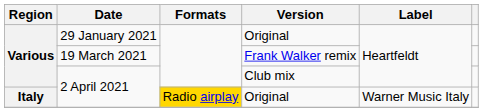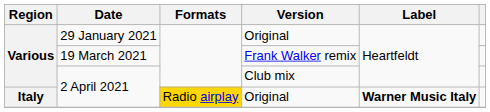 <table class="wikitable plainrowheaders">
 <tr>
 <th scope="col">Region</th>
 <th scope="col">Date</th>
 <th scope="col">Formats</th>
 <th scope="col">Version</th>
 <th scope="col">Label</th>
 <th scope="col"></th>
 </tr>
 <tr>
 <th rowspan="3" scope="row">Various</th>
 <td>29 January 2021</td>
 <td rowspan="3"></td>
 <td>Original</td>
 <td rowspan="3">Heartfeldt</td>
 <td align="center"></td>
 </tr>
 <tr>
 <td>19 March 2021</td>
 <td><a href='#'>Frank Walker</a> remix</td>
 <td align="center"></td>
 </tr>
 <tr>
 <td rowspan="2">2 April 2021</td>
 <td>Club mix</td>
 <td align="center"></td>
 </tr>
 <tr>
 <th scope="row">Italy</th>
 <td style="background: gold;">Radio <a href='#'>airplay</a></td>
 <td>Original</td>
-<td>Warner Music Italy</td>
+<td><strong>Warner Music Italy</strong></td>
 <td align="center"></td>
 </tr>
 <tr>
 </tr>
 </table>
